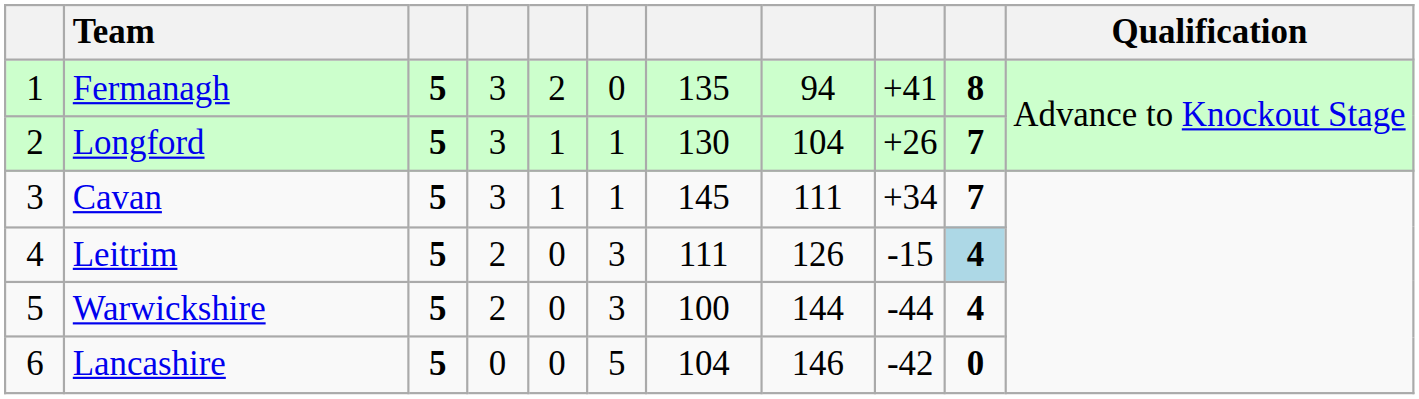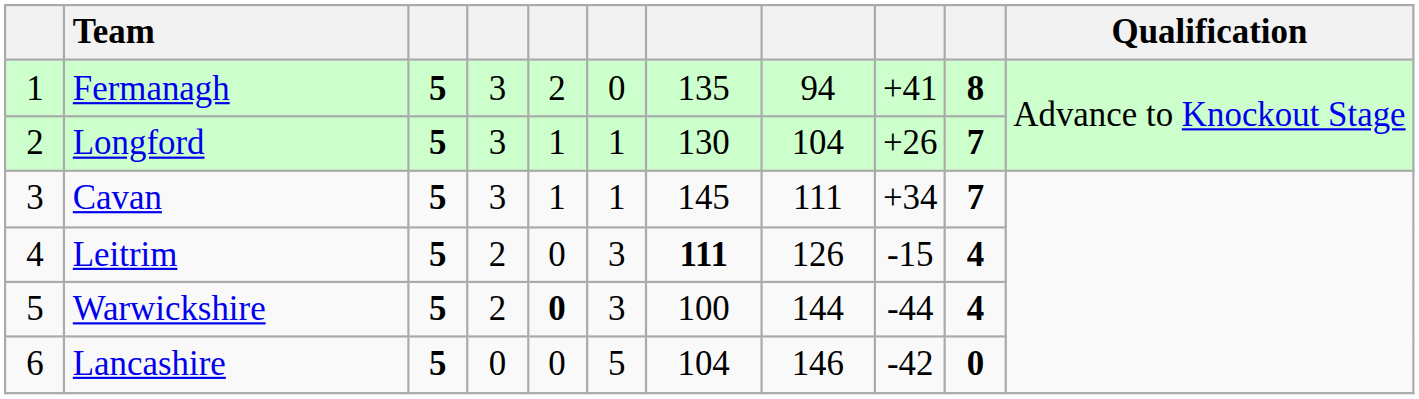 <table class="wikitable" style="text-align:center">
 <tr>
 <th width="20"></th>
 <th style="width:150px; text-align:left;">Team</th>
 <th width="20"></th>
 <th width="20"></th>
 <th width="20"></th>
 <th width="20"></th>
 <th width="45"></th>
 <th width="45"></th>
 <th width="20"></th>
 <th width="20"></th>
 <th>Qualification</th>
 </tr>
 <tr style="background:#ccffcc">
 <td>1</td>
 <td align="left"> <a href='#'>Fermanagh</a></td>
 <td><strong>5</strong></td>
 <td>3</td>
 <td>2</td>
 <td>0</td>
 <td>135</td>
 <td>94</td>
 <td>+41</td>
 <td><strong>8</strong></td>
 <td rowspan="2">Advance to <a href='#'>Knockout Stage</a></td>
 </tr>
 <tr style="background:#ccffcc">
 <td>2</td>
 <td align="left"> <a href='#'>Longford</a></td>
 <td><strong>5</strong></td>
 <td>3</td>
 <td>1</td>
 <td>1</td>
 <td>130</td>
 <td>104</td>
 <td>+26</td>
 <td><strong>7</strong></td>
 </tr>
 <tr>
 <td>3</td>
 <td align="left"> <a href='#'>Cavan</a></td>
 <td><strong>5</strong></td>
 <td>3</td>
 <td>1</td>
 <td>1</td>
 <td>145</td>
 <td>111</td>
 <td>+34</td>
 <td><strong>7</strong></td>
 <td rowspan="4"></td>
 </tr>
 <tr>
 <td>4</td>
 <td align="left"> <a href='#'>Leitrim</a></td>
 <td><strong>5</strong></td>
 <td>2</td>
 <td>0</td>
 <td>3</td>
-<td>111</td>
+<td><strong>111</strong></td>
 <td>126</td>
 <td>-15</td>
-<td style="background: lightblue;"><strong>4</strong></td>
+<td><strong>4</strong></td>
 </tr>
 <tr>
 <td>5</td>
 <td align="left"> <a href='#'>Warwickshire</a></td>
 <td><strong>5</strong></td>
 <td>2</td>
-<td>0</td>
+<td><strong>0</strong></td>
 <td>3</td>
 <td>100</td>
 <td>144</td>
 <td>-44</td>
 <td><strong>4</strong></td>
 </tr>
 <tr>
 <td>6</td>
 <td align="left"> <a href='#'>Lancashire</a></td>
 <td><strong>5</strong></td>
 <td>0</td>
 <td>0</td>
 <td>5</td>
 <td>104</td>
 <td>146</td>
 <td>-42</td>
 <td><strong>0</strong></td>
 </tr>
 </table>
